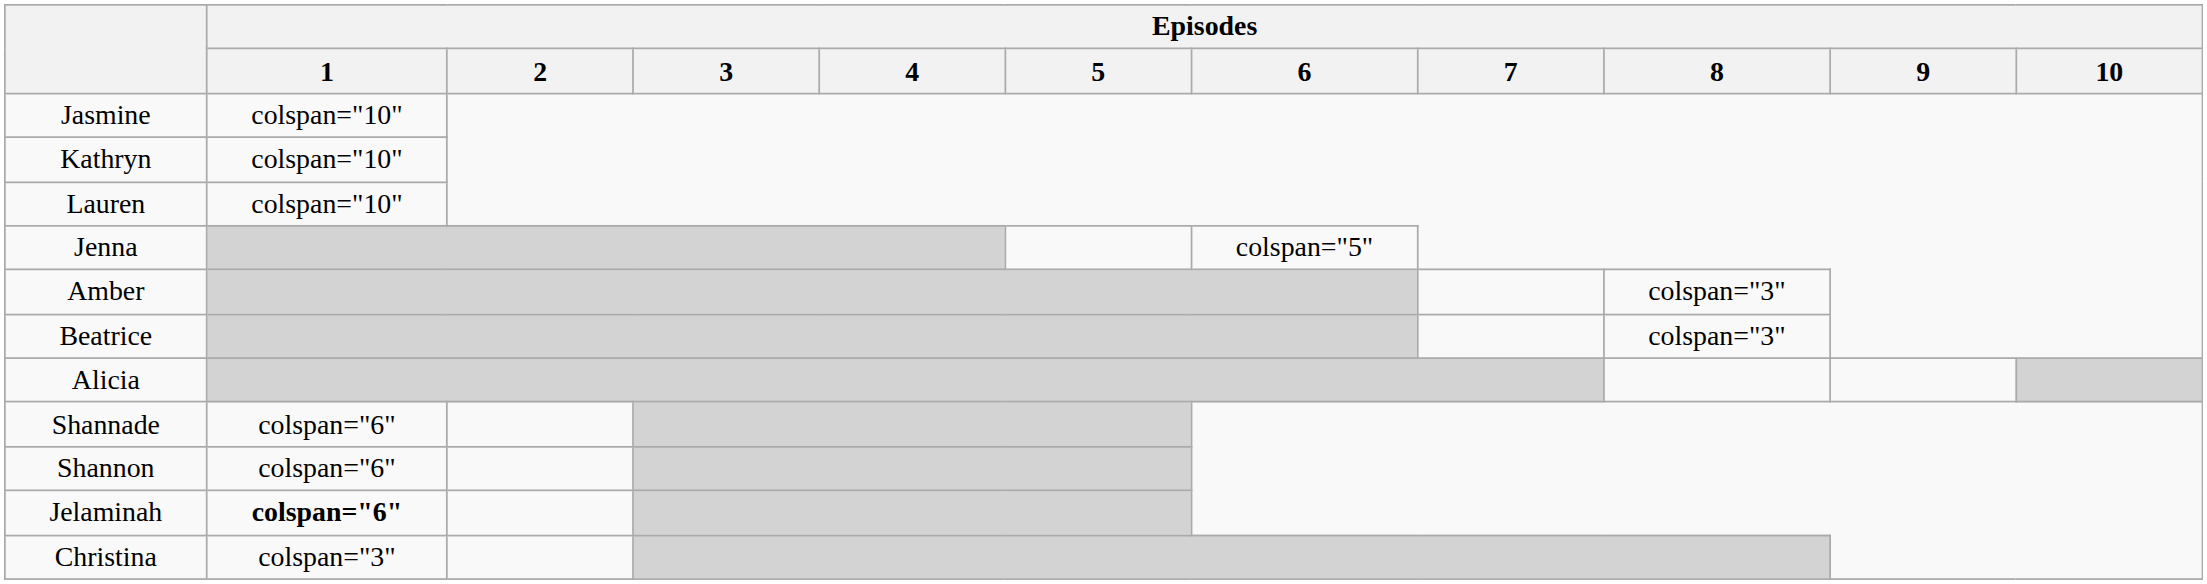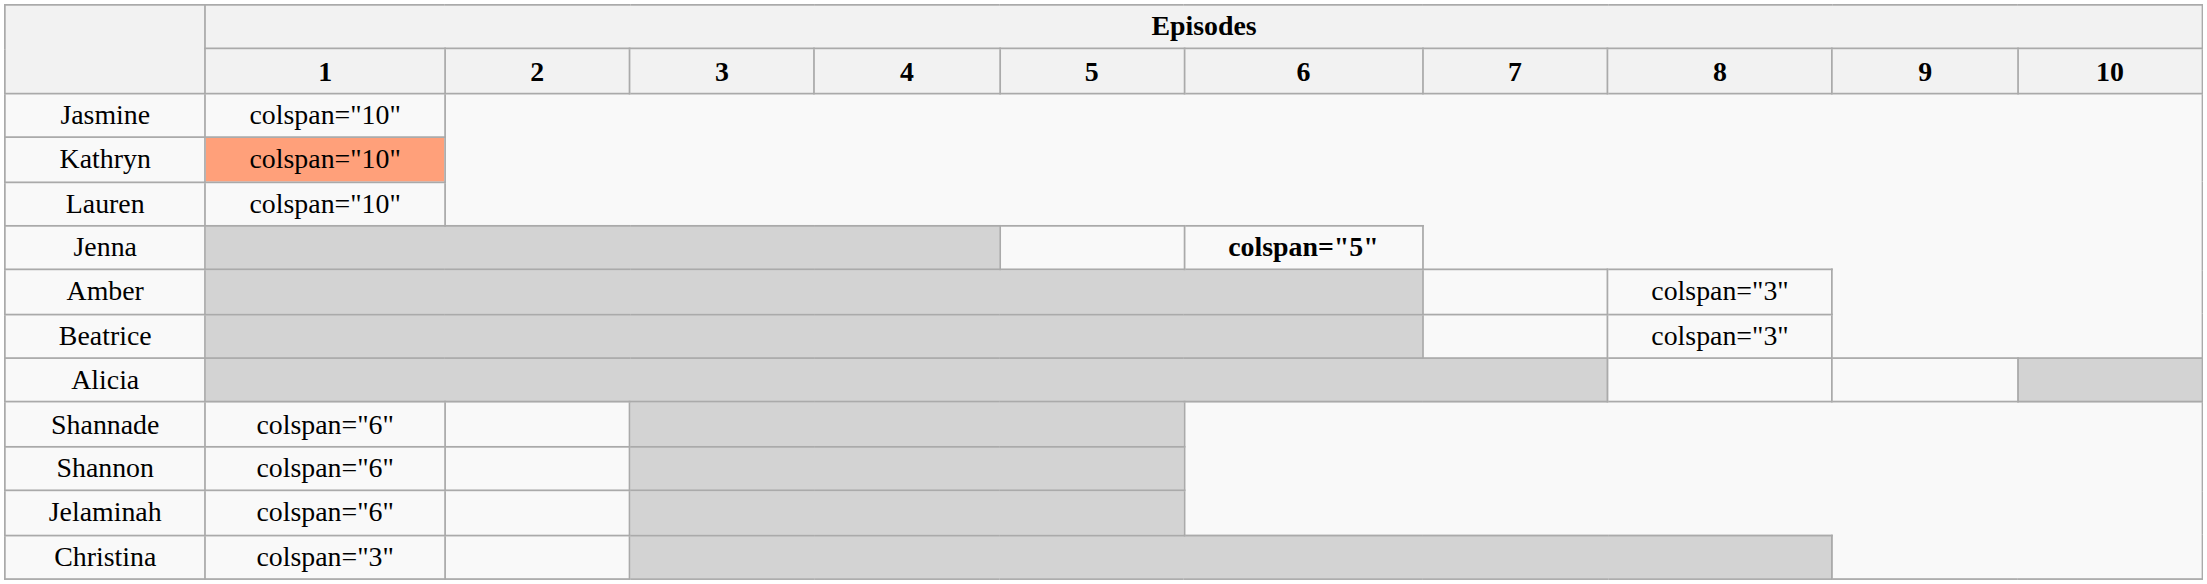 <table class="wikitable plainrowheaders" style="text-align:center; width:100%;">
 <tr>
 <th scope="col" rowspan="2" style="width:5%;"></th>
 <th scope="col" colspan="10">Episodes</th>
 </tr>
 <tr>
 <th scope="col" style="width:5%;">1</th>
 <th scope="col" style="width:5%;">2</th>
 <th scope="col" style="width:5%;">3</th>
 <th scope="col" style="width:5%;">4</th>
 <th scope="col" style="width:5%;">5</th>
 <th scope="col" style="width:5%;">6</th>
 <th scope="col" style="width:5%;">7</th>
 <th scope="col" style="width:5%;">8</th>
 <th scope="col" style="width:5%;">9</th>
 <th scope="col" style="width:5%;">10</th>
 </tr>
 <tr>
 <td scope="row">Jasmine</td>
 <td>colspan="10" </td>
 </tr>
 <tr>
 <td scope="row">Kathryn</td>
-<td>colspan="10" </td>
+<td style="background: lightsalmon;">colspan="10" </td>
 </tr>
 <tr>
 <td scope="row">Lauren</td>
 <td>colspan="10" </td>
 </tr>
 <tr>
 <td scope="row">Jenna</td>
 <td style="background:lightgrey;" colspan="4"></td>
 <td></td>
-<td>colspan="5" </td>
+<td><strong>colspan="5" </strong></td>
 </tr>
 <tr>
 <td scope="row">Amber</td>
 <td style="background:lightgrey;" colspan="6"></td>
 <td></td>
 <td>colspan="3" </td>
 </tr>
 <tr>
 <td scope="row">Beatrice</td>
 <td style="background:lightgrey;" colspan="6"></td>
 <td></td>
 <td>colspan="3" </td>
 </tr>
 <tr>
 <td scope="row">Alicia</td>
 <td style="background:lightgrey;" colspan="7"></td>
 <td></td>
 <td></td>
 <td style="background:lightgrey;" colspan="1"></td>
 </tr>
 <tr>
 <td scope="row">Shannade</td>
 <td>colspan="6" </td>
 <td></td>
 <td style="background:lightgrey;" colspan="3"></td>
 </tr>
 <tr>
 <td scope="row">Shannon</td>
 <td>colspan="6" </td>
 <td></td>
 <td style="background:lightgrey;" colspan="3"></td>
 </tr>
 <tr>
 <td scope="row">Jelaminah</td>
-<td><strong>colspan="6" </strong></td>
+<td>colspan="6" </td>
 <td></td>
 <td style="background:lightgrey;" colspan="3"></td>
 </tr>
 <tr>
 <td scope="row">Christina</td>
 <td>colspan="3" </td>
 <td></td>
 <td style="background:lightgrey;" colspan="6"></td>
 </tr>
 </table>
